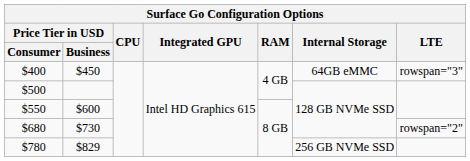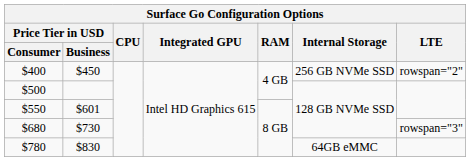 <table class="wikitable sortable" style="text-align:center;" align="center" text-align="center">
 <tr>
 <th colspan="7">Surface Go Configuration Options</th>
 </tr>
 <tr>
 <th colspan="2">Price Tier in USD</th>
 <th rowspan="2">CPU</th>
 <th rowspan="2">Integrated GPU</th>
 <th rowspan="2">RAM</th>
 <th rowspan="2">Internal Storage</th>
 <th rowspan="2">LTE</th>
 </tr>
 <tr>
 <th>Consumer</th>
 <th>Business</th>
 </tr>
 <tr>
 <td>$400</td>
 <td>$450</td>
 <td rowspan="5"></td>
 <td rowspan="5">Intel HD Graphics 615</td>
 <td rowspan="2">4 GB</td>
-<td>64GB eMMC</td>
-<td>rowspan="3" </td>
+<td>256 GB NVMe SSD</td>
+<td>rowspan="2" </td>
 </tr>
 <tr>
 <td>$500</td>
 <td></td>
 <td rowspan="3">128 GB NVMe SSD</td>
 </tr>
 <tr>
 <td>$550</td>
-<td>$600</td>
+<td>$601</td>
 <td rowspan="3">8 GB</td>
 </tr>
 <tr>
 <td>$680</td>
 <td>$730</td>
-<td>rowspan="2" </td>
+<td>rowspan="3" </td>
 </tr>
 <tr>
 <td>$780</td>
-<td>$829</td>
-<td>256 GB NVMe SSD</td>
+<td>$830</td>
+<td>64GB eMMC</td>
 </tr>
 </table>
